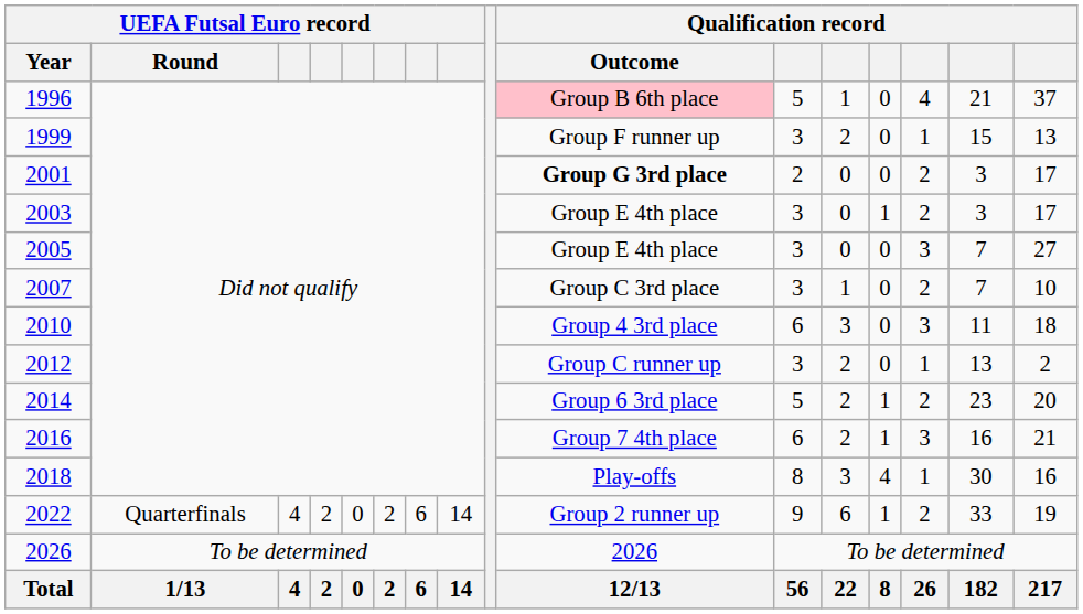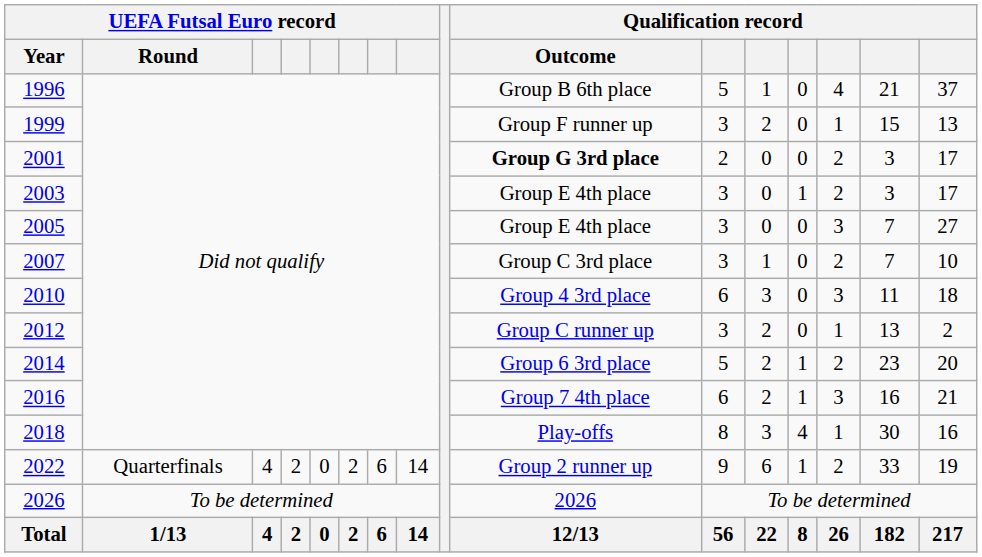 <table class="wikitable" style="text-align: center;font-size:90%;">
 <tr>
 <th colspan=8><a href='#'>UEFA Futsal Euro</a> record</th>
 <th width=1% rowspan=17></th>
 <th colspan=7>Qualification record</th>
 </tr>
 <tr>
 <th>Year</th>
 <th>Round</th>
 <th></th>
 <th></th>
 <th></th>
 <th></th>
 <th></th>
 <th></th>
 <th>Outcome</th>
 <th></th>
 <th></th>
 <th></th>
 <th></th>
 <th></th>
 <th></th>
 </tr>
 <tr>
 <td> <a href='#'>1996</a></td>
 <td colspan=7 rowspan=11><em>Did not qualify</em></td>
-<td style="background: pink;">Group B 6th place</td>
+<td>Group B 6th place</td>
 <td>5</td>
 <td>1</td>
 <td>0</td>
 <td>4</td>
 <td>21</td>
 <td>37</td>
 </tr>
 <tr - bgcolor=>
 <td> <a href='#'>1999</a></td>
 <td>Group F runner up</td>
 <td>3</td>
 <td>2</td>
 <td>0</td>
 <td>1</td>
 <td>15</td>
 <td>13</td>
 </tr>
 <tr - bgcolor=>
 <td> <a href='#'>2001</a></td>
 <td><strong>Group G 3rd place</strong></td>
 <td>2</td>
 <td>0</td>
 <td>0</td>
 <td>2</td>
 <td>3</td>
 <td>17</td>
 </tr>
 <tr - bgcolor=>
 <td> <a href='#'>2003</a></td>
 <td>Group E 4th place</td>
 <td>3</td>
 <td>0</td>
 <td>1</td>
 <td>2</td>
 <td>3</td>
 <td>17</td>
 </tr>
 <tr - bgcolor=>
 <td> <a href='#'>2005</a></td>
 <td>Group E 4th place</td>
 <td>3</td>
 <td>0</td>
 <td>0</td>
 <td>3</td>
 <td>7</td>
 <td>27</td>
 </tr>
 <tr - bgcolor=>
 <td> <a href='#'>2007</a></td>
 <td>Group C 3rd place</td>
 <td>3</td>
 <td>1</td>
 <td>0</td>
 <td>2</td>
 <td>7</td>
 <td>10</td>
 </tr>
 <tr - bgcolor=>
 <td> <a href='#'>2010</a></td>
 <td><a href='#'>Group 4 3rd place</a></td>
 <td>6</td>
 <td>3</td>
 <td>0</td>
 <td>3</td>
 <td>11</td>
 <td>18</td>
 </tr>
 <tr - bgcolor=>
 <td> <a href='#'>2012</a></td>
 <td><a href='#'>Group C runner up</a></td>
 <td>3</td>
 <td>2</td>
 <td>0</td>
 <td>1</td>
 <td>13</td>
 <td>2</td>
 </tr>
 <tr - bgcolor=>
 <td> <a href='#'>2014</a></td>
 <td><a href='#'>Group 6 3rd place</a></td>
 <td>5</td>
 <td>2</td>
 <td>1</td>
 <td>2</td>
 <td>23</td>
 <td>20</td>
 </tr>
 <tr - bgcolor=>
 <td> <a href='#'>2016</a></td>
 <td><a href='#'>Group 7 4th place</a></td>
 <td>6</td>
 <td>2</td>
 <td>1</td>
 <td>3</td>
 <td>16</td>
 <td>21</td>
 </tr>
 <tr - bgcolor=>
 <td> <a href='#'>2018</a></td>
 <td><a href='#'>Play-offs</a></td>
 <td>8</td>
 <td>3</td>
 <td>4</td>
 <td>1</td>
 <td>30</td>
 <td>16</td>
 </tr>
 <tr - bgcolor=>
 <td> <a href='#'>2022</a></td>
 <td>Quarterfinals</td>
 <td>4</td>
 <td>2</td>
 <td>0</td>
 <td>2</td>
 <td>6</td>
 <td>14</td>
 <td><a href='#'>Group 2 runner up</a></td>
 <td>9</td>
 <td>6</td>
 <td>1</td>
 <td>2</td>
 <td>33</td>
 <td>19</td>
 </tr>
 <tr>
 <td> <a href='#'>2026</a></td>
 <td colspan=7><em>To be determined</em></td>
 <td><a href='#'>2026</a></td>
 <td colspan=7><em>To be determined</em></td>
 </tr>
 <tr>
 <th><strong>Total</strong></th>
 <th>1/13</th>
 <th>4</th>
 <th>2</th>
 <th>0</th>
 <th>2</th>
 <th>6</th>
 <th>14</th>
 <th>12/13</th>
 <th>56</th>
 <th>22</th>
 <th>8</th>
 <th>26</th>
 <th>182</th>
 <th>217</th>
 </tr>
 </table>
